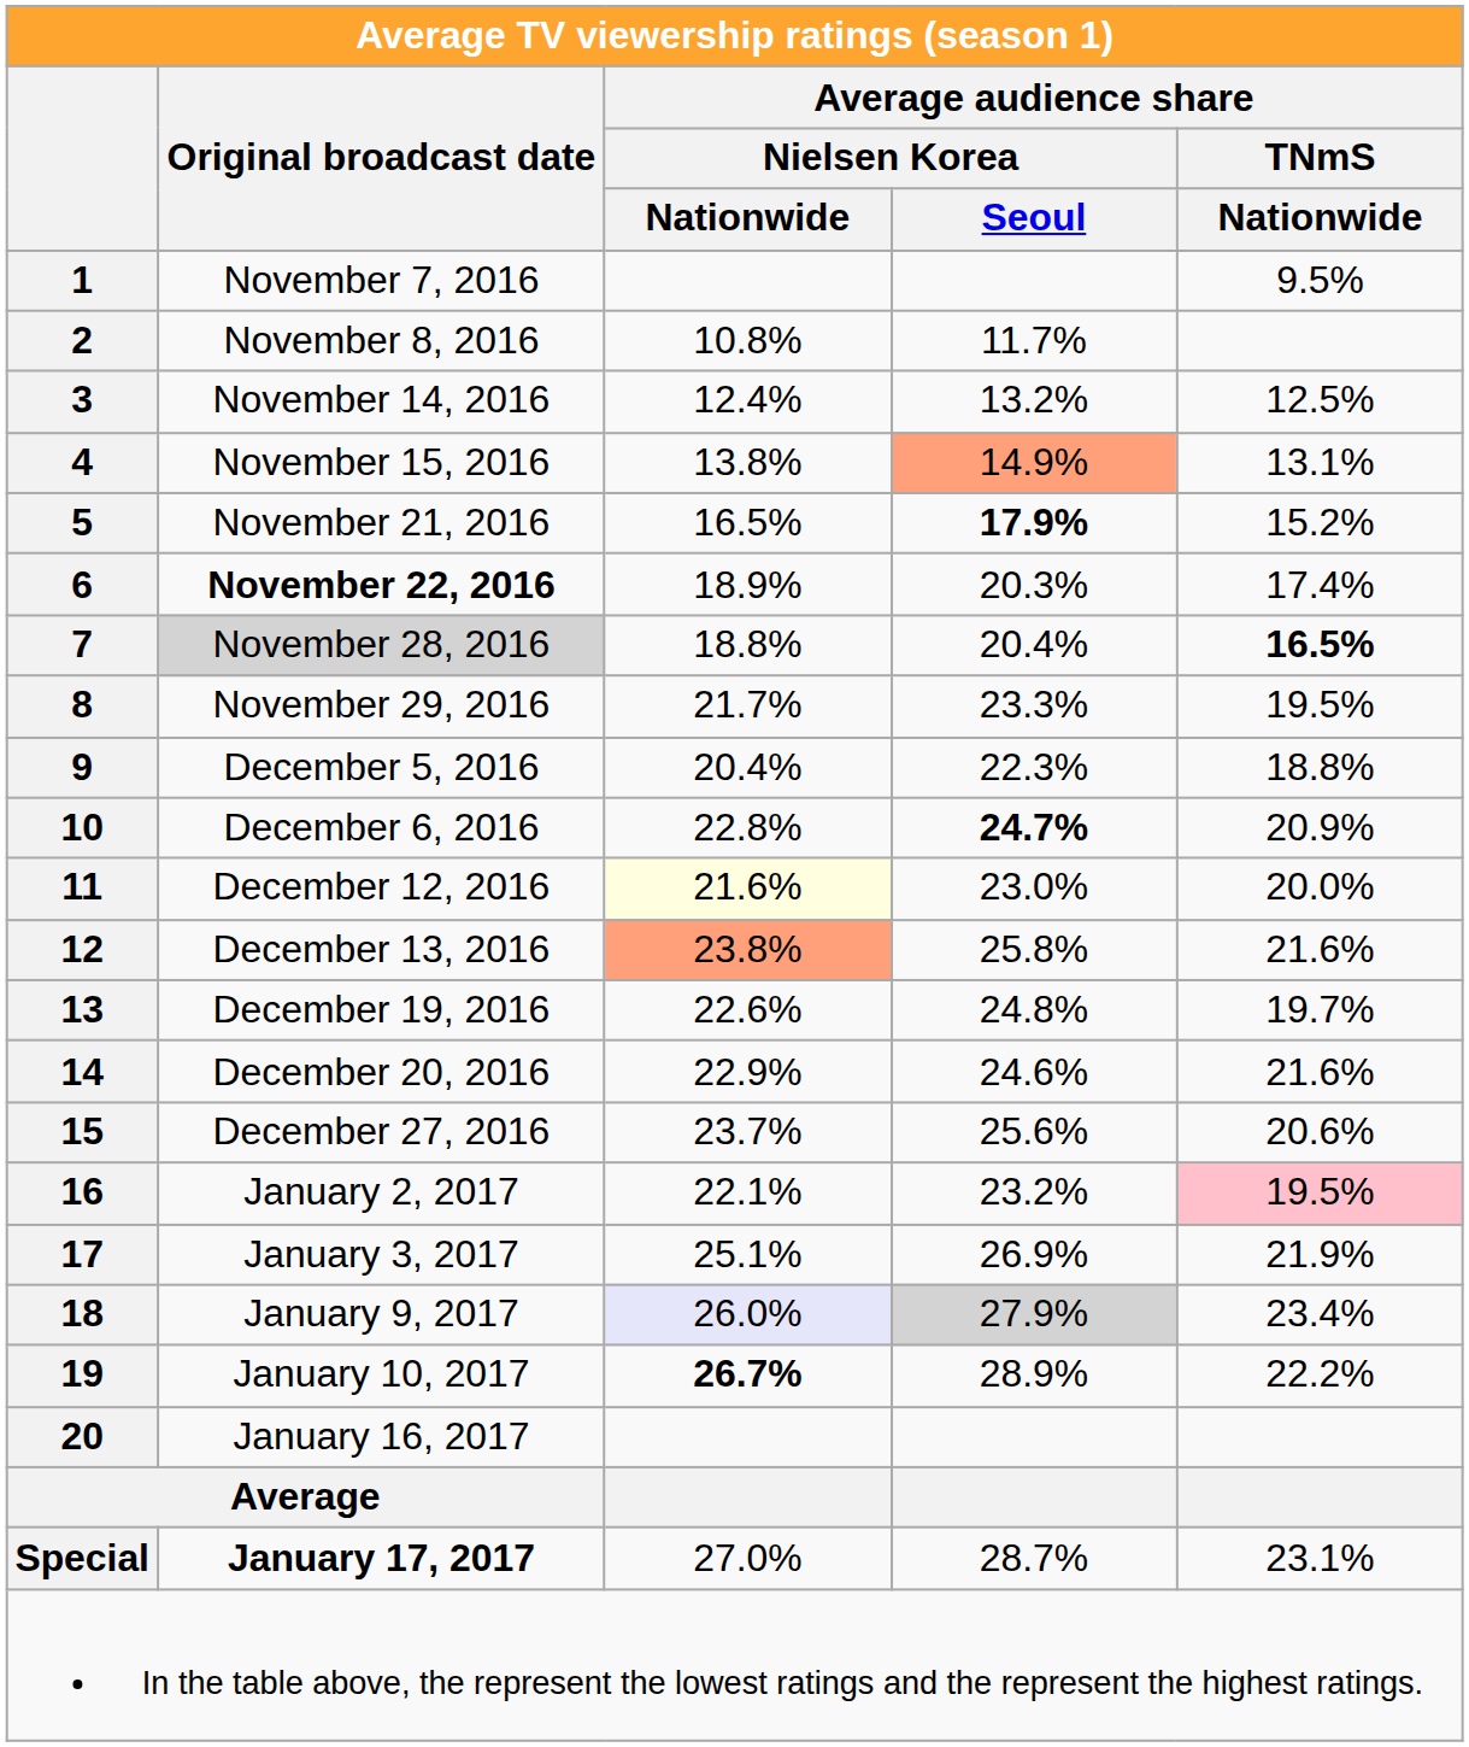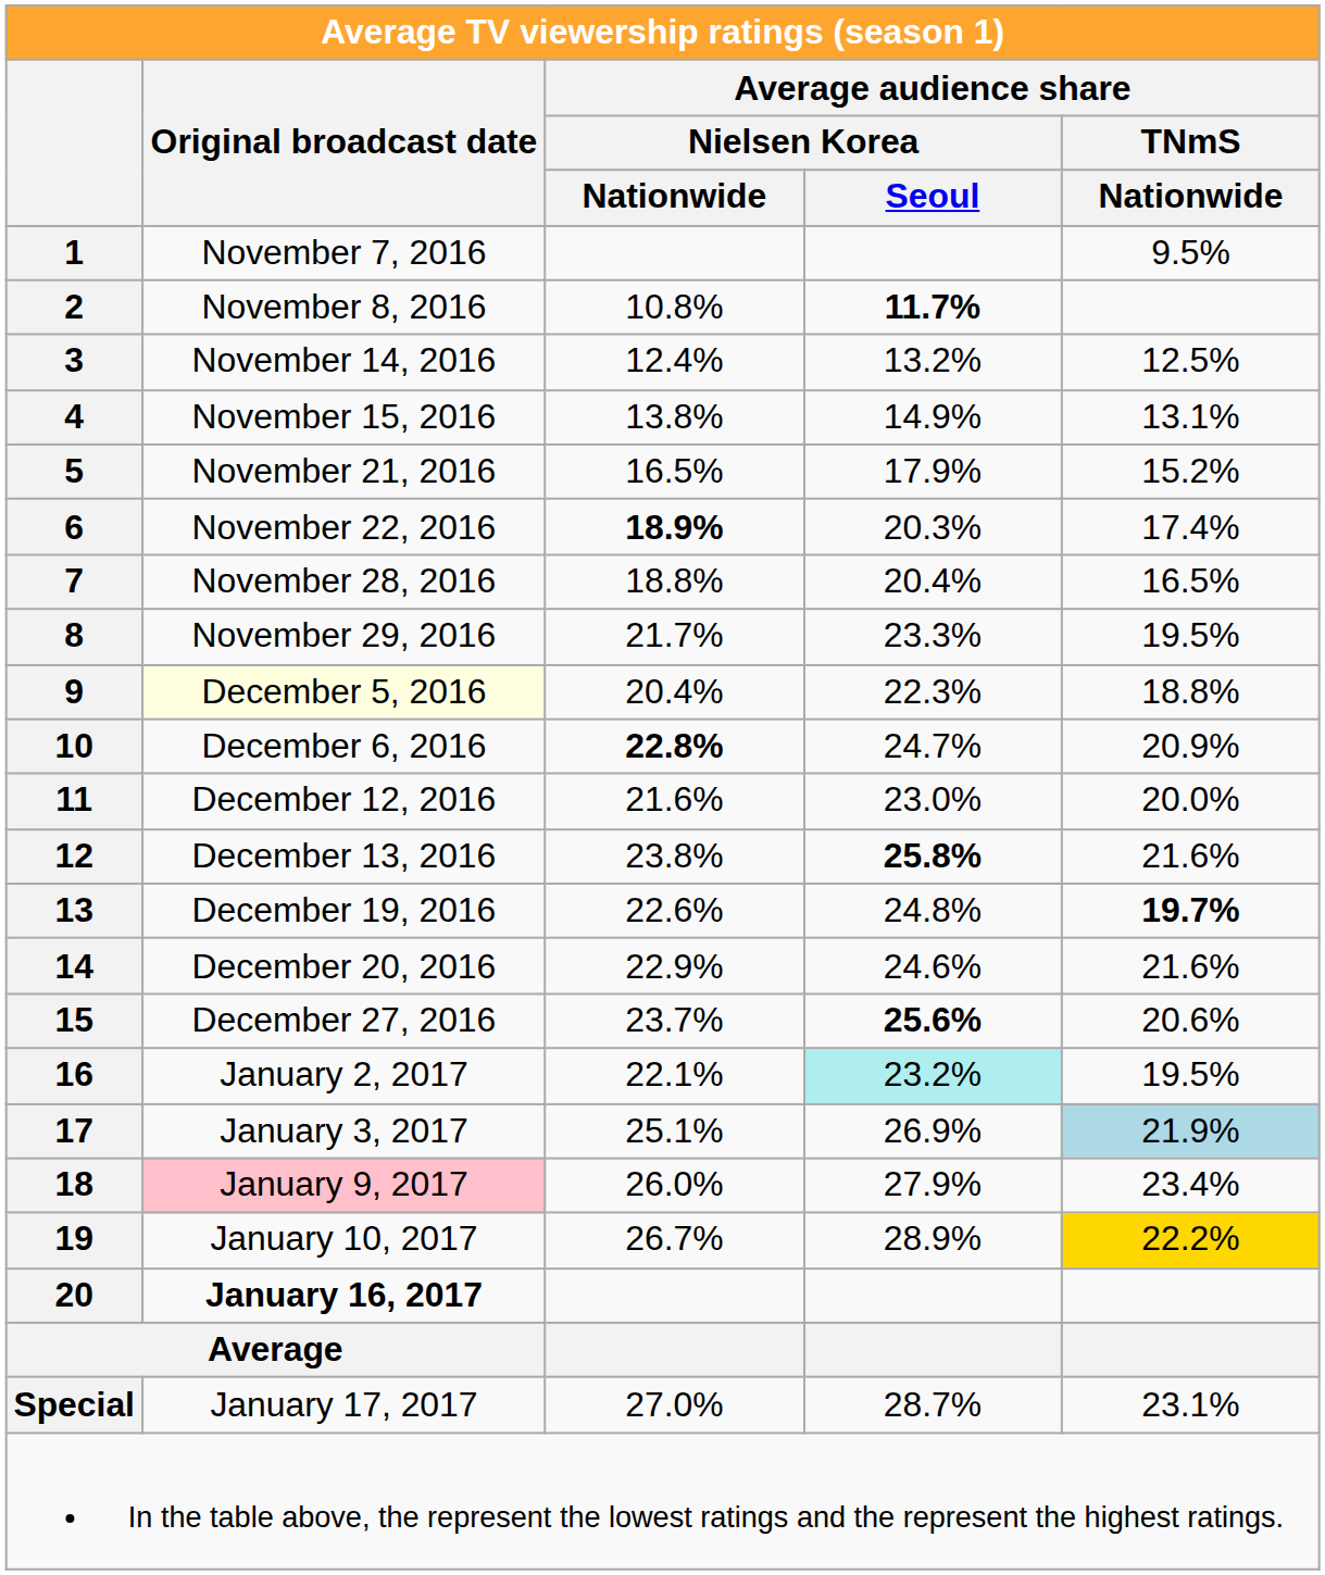 <table role="presentation" class="wikitable mw-collapsible mw-collapsed" style="text-align:center; max-width:650px; margin-left:auto; margin-right:auto; border:none">
 <tr>
 <th colspan="5" style="background:#FEA530; color:white">Average TV viewership ratings (season 1)</th>
 </tr>
 <tr>
 <th scope="col" rowspan="3"></th>
 <th scope="col" rowspan="3">Original broadcast date</th>
 <th scope="col" colspan="3">Average audience share</th>
 </tr>
 <tr>
 <th scope="col" colspan="2">Nielsen Korea</th>
 <th scope="col">TNmS</th>
 </tr>
 <tr>
 <th scope="col" style="width:7em">Nationwide</th>
 <th scope="col" style="width:7em"><a href='#'>Seoul</a></th>
 <th scope="col" style="width:7em">Nationwide</th>
 </tr>
 <tr>
 <th scope="col">1</th>
 <td>November 7, 2016</td>
 <td><strong></strong> </td>
 <td><strong></strong> </td>
 <td>9.5% </td>
 </tr>
 <tr>
 <th scope="col">2</th>
 <td>November 8, 2016</td>
 <td>10.8% </td>
-<td>11.7% </td>
+<td><strong>11.7% </strong></td>
 <td><strong></strong> </td>
 </tr>
 <tr>
 <th scope="col">3</th>
 <td>November 14, 2016</td>
 <td>12.4% </td>
 <td>13.2% </td>
 <td>12.5% </td>
 </tr>
 <tr>
 <th scope="col">4</th>
 <td>November 15, 2016</td>
 <td>13.8% </td>
-<td style="background: lightsalmon;">14.9% </td>
+<td>14.9% </td>
 <td>13.1% </td>
 </tr>
 <tr>
 <th scope="col">5</th>
 <td>November 21, 2016</td>
 <td>16.5% </td>
-<td><strong>17.9% </strong></td>
+<td>17.9% </td>
 <td>15.2% </td>
 </tr>
 <tr>
 <th scope="col">6</th>
-<td><strong>November 22, 2016</strong></td>
-<td>18.9% </td>
+<td>November 22, 2016</td>
+<td><strong>18.9% </strong></td>
 <td>20.3% </td>
 <td>17.4% </td>
 </tr>
 <tr>
 <th scope="col">7</th>
-<td style="background: lightgrey;">November 28, 2016</td>
+<td>November 28, 2016</td>
 <td>18.8% </td>
 <td>20.4% </td>
-<td><strong>16.5% </strong></td>
+<td>16.5% </td>
 </tr>
 <tr>
 <th scope="col">8</th>
 <td>November 29, 2016</td>
 <td>21.7% </td>
 <td>23.3% </td>
 <td>19.5% </td>
 </tr>
 <tr>
 <th scope="col">9</th>
-<td>December 5, 2016</td>
+<td style="background: lightyellow;">December 5, 2016</td>
 <td>20.4% </td>
 <td>22.3% </td>
 <td>18.8% </td>
 </tr>
 <tr>
 <th scope="col">10</th>
 <td>December 6, 2016</td>
-<td>22.8% </td>
-<td><strong>24.7% </strong></td>
+<td><strong>22.8% </strong></td>
+<td>24.7% </td>
 <td>20.9% </td>
 </tr>
 <tr>
 <th scope="col">11</th>
 <td>December 12, 2016</td>
-<td style="background: lightyellow;">21.6% </td>
+<td>21.6% </td>
 <td>23.0% </td>
 <td>20.0% </td>
 </tr>
 <tr>
 <th scope="col">12</th>
 <td>December 13, 2016</td>
-<td style="background: lightsalmon;">23.8% </td>
-<td>25.8% </td>
+<td>23.8% </td>
+<td><strong>25.8% </strong></td>
 <td>21.6% </td>
 </tr>
 <tr>
 <th scope="col">13</th>
 <td>December 19, 2016</td>
 <td>22.6% </td>
 <td>24.8% </td>
-<td>19.7% </td>
+<td><strong>19.7% </strong></td>
 </tr>
 <tr>
 <th scope="col">14</th>
 <td>December 20, 2016</td>
 <td>22.9% </td>
 <td>24.6% </td>
 <td>21.6% </td>
 </tr>
 <tr>
 <th scope="col">15</th>
 <td>December 27, 2016</td>
 <td>23.7% </td>
-<td>25.6% </td>
+<td><strong>25.6% </strong></td>
 <td>20.6% </td>
 </tr>
 <tr>
 <th scope="col">16</th>
 <td>January 2, 2017</td>
 <td>22.1% </td>
-<td>23.2% </td>
-<td style="background: pink;">19.5% </td>
+<td style="background: paleturquoise;">23.2% </td>
+<td>19.5% </td>
 </tr>
 <tr>
 <th scope="col">17</th>
 <td>January 3, 2017</td>
 <td>25.1% </td>
 <td>26.9% </td>
-<td>21.9% </td>
+<td style="background: lightblue;">21.9% </td>
 </tr>
 <tr>
 <th scope="col">18</th>
-<td>January 9, 2017</td>
-<td style="background: lavender;">26.0% </td>
-<td style="background: lightgrey;">27.9% </td>
+<td style="background: pink;">January 9, 2017</td>
+<td>26.0% </td>
+<td>27.9% </td>
 <td>23.4% </td>
 </tr>
 <tr>
 <th scope="col">19</th>
 <td>January 10, 2017</td>
-<td><strong>26.7% </strong></td>
+<td>26.7% </td>
 <td>28.9% </td>
-<td>22.2% </td>
+<td style="background: gold;">22.2% </td>
 </tr>
 <tr>
 <th scope="col">20</th>
-<td>January 16, 2017</td>
+<td><strong>January 16, 2017</strong></td>
 <td><strong></strong> </td>
 <td><strong></strong> </td>
 <td><strong></strong> </td>
 </tr>
 <tr>
 <th scope="col" colspan="2">Average</th>
 <th scope="col"></th>
 <th scope="col"></th>
 <th scope="col"></th>
 </tr>
 <tr>
 <th scope="col">Special</th>
-<td><strong>January 17, 2017</strong></td>
+<td>January 17, 2017</td>
 <td>27.0% </td>
 <td>28.7% </td>
 <td>23.1% </td>
 </tr>
 <tr>
 <td colspan="5" style="font-size:85%"><br><ul><li>In the table above, the <strong></strong> represent the lowest ratings and the <strong></strong> represent the highest ratings.</li></ul></td>
 </tr>
 </table>
